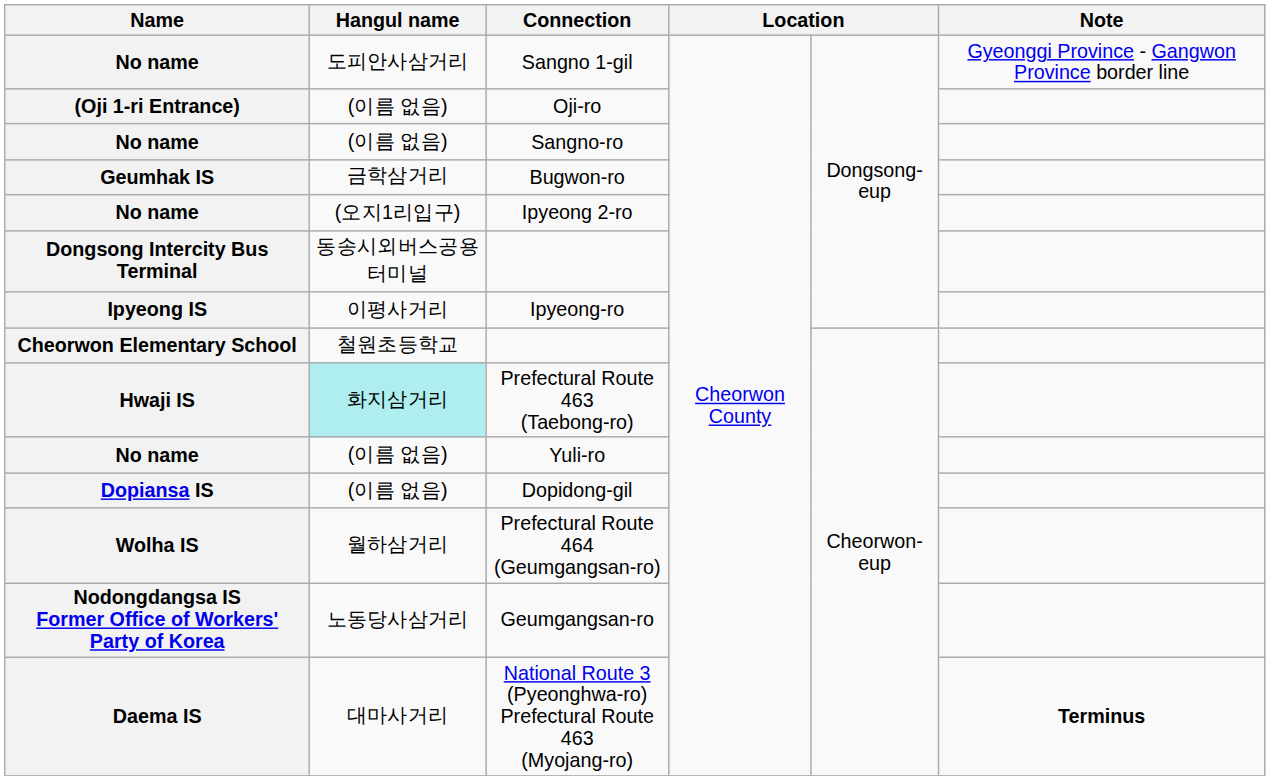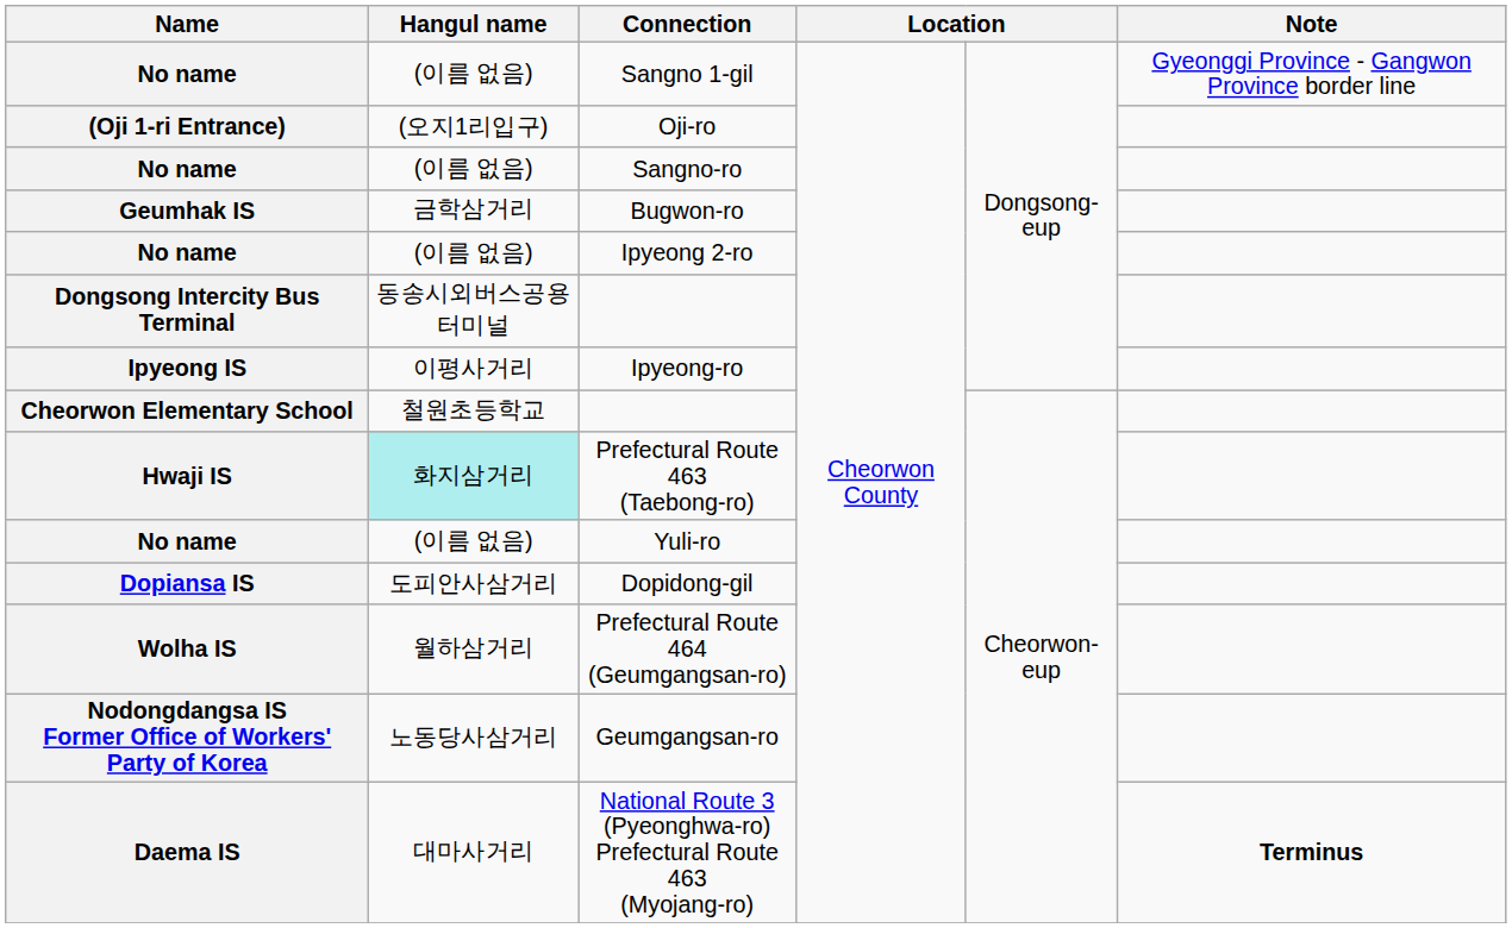 <table class="wikitable" style="font-size: 85%; text-align: center;">
 <tr>
 <th>Name </th>
 <th>Hangul name</th>
 <th>Connection</th>
 <th colspan="2">Location</th>
 <th>Note</th>
 </tr>
 <tr>
 <th>No name</th>
-<td>도피안사삼거리</td>
+<td>(이름 없음)</td>
 <td>Sangno 1-gil</td>
 <td rowspan=14><a href='#'>Cheorwon County</a></td>
 <td rowspan=7>Dongsong-eup</td>
 <td><a href='#'>Gyeonggi Province</a> - <a href='#'>Gangwon Province</a> border line</td>
 </tr>
 <tr>
 <th>(Oji 1-ri Entrance)</th>
-<td>(이름 없음)</td>
+<td>(오지1리입구)</td>
 <td>Oji-ro</td>
 <td></td>
 </tr>
 <tr>
 <th>No name</th>
 <td>(이름 없음)</td>
 <td>Sangno-ro</td>
 <td></td>
 </tr>
 <tr>
 <th>Geumhak IS</th>
 <td>금학삼거리</td>
 <td>Bugwon-ro</td>
 <td></td>
 </tr>
 <tr>
 <th>No name</th>
-<td>(오지1리입구)</td>
+<td>(이름 없음)</td>
 <td>Ipyeong 2-ro</td>
 <td></td>
 </tr>
 <tr>
 <th>Dongsong Intercity Bus Terminal</th>
 <td>동송시외버스공용터미널</td>
 <td></td>
 <td></td>
 </tr>
 <tr>
 <th>Ipyeong IS</th>
 <td>이평사거리</td>
 <td>Ipyeong-ro</td>
 <td></td>
 </tr>
 <tr>
 <th>Cheorwon Elementary School</th>
 <td>철원초등학교</td>
 <td></td>
 <td rowspan=7>Cheorwon-eup</td>
 <td></td>
 </tr>
 <tr>
 <th>Hwaji IS</th>
 <td style="background: paleturquoise;">화지삼거리</td>
 <td>Prefectural Route 463<br>(Taebong-ro)</td>
 <td></td>
 </tr>
 <tr>
 <th>No name</th>
 <td>(이름 없음)</td>
 <td>Yuli-ro</td>
 <td></td>
 </tr>
 <tr>
 <th><a href='#'>Dopiansa</a> IS</th>
-<td>(이름 없음)</td>
+<td>도피안사삼거리</td>
 <td>Dopidong-gil</td>
 <td></td>
 </tr>
 <tr>
 <th>Wolha IS</th>
 <td>월하삼거리</td>
 <td>Prefectural Route 464<br>(Geumgangsan-ro)</td>
 <td></td>
 </tr>
 <tr>
 <th>Nodongdangsa IS<br><a href='#'>Former Office of Workers' Party of Korea</a></th>
 <td>노동당사삼거리</td>
 <td>Geumgangsan-ro</td>
 <td></td>
 </tr>
 <tr>
 <th>Daema IS</th>
 <td>대마사거리</td>
 <td><a href='#'>National Route 3</a><br>(Pyeonghwa-ro)<br>Prefectural Route 463<br>(Myojang-ro)</td>
 <td><strong>Terminus</strong></td>
 </tr>
 <tr>
 </tr>
 </table>
